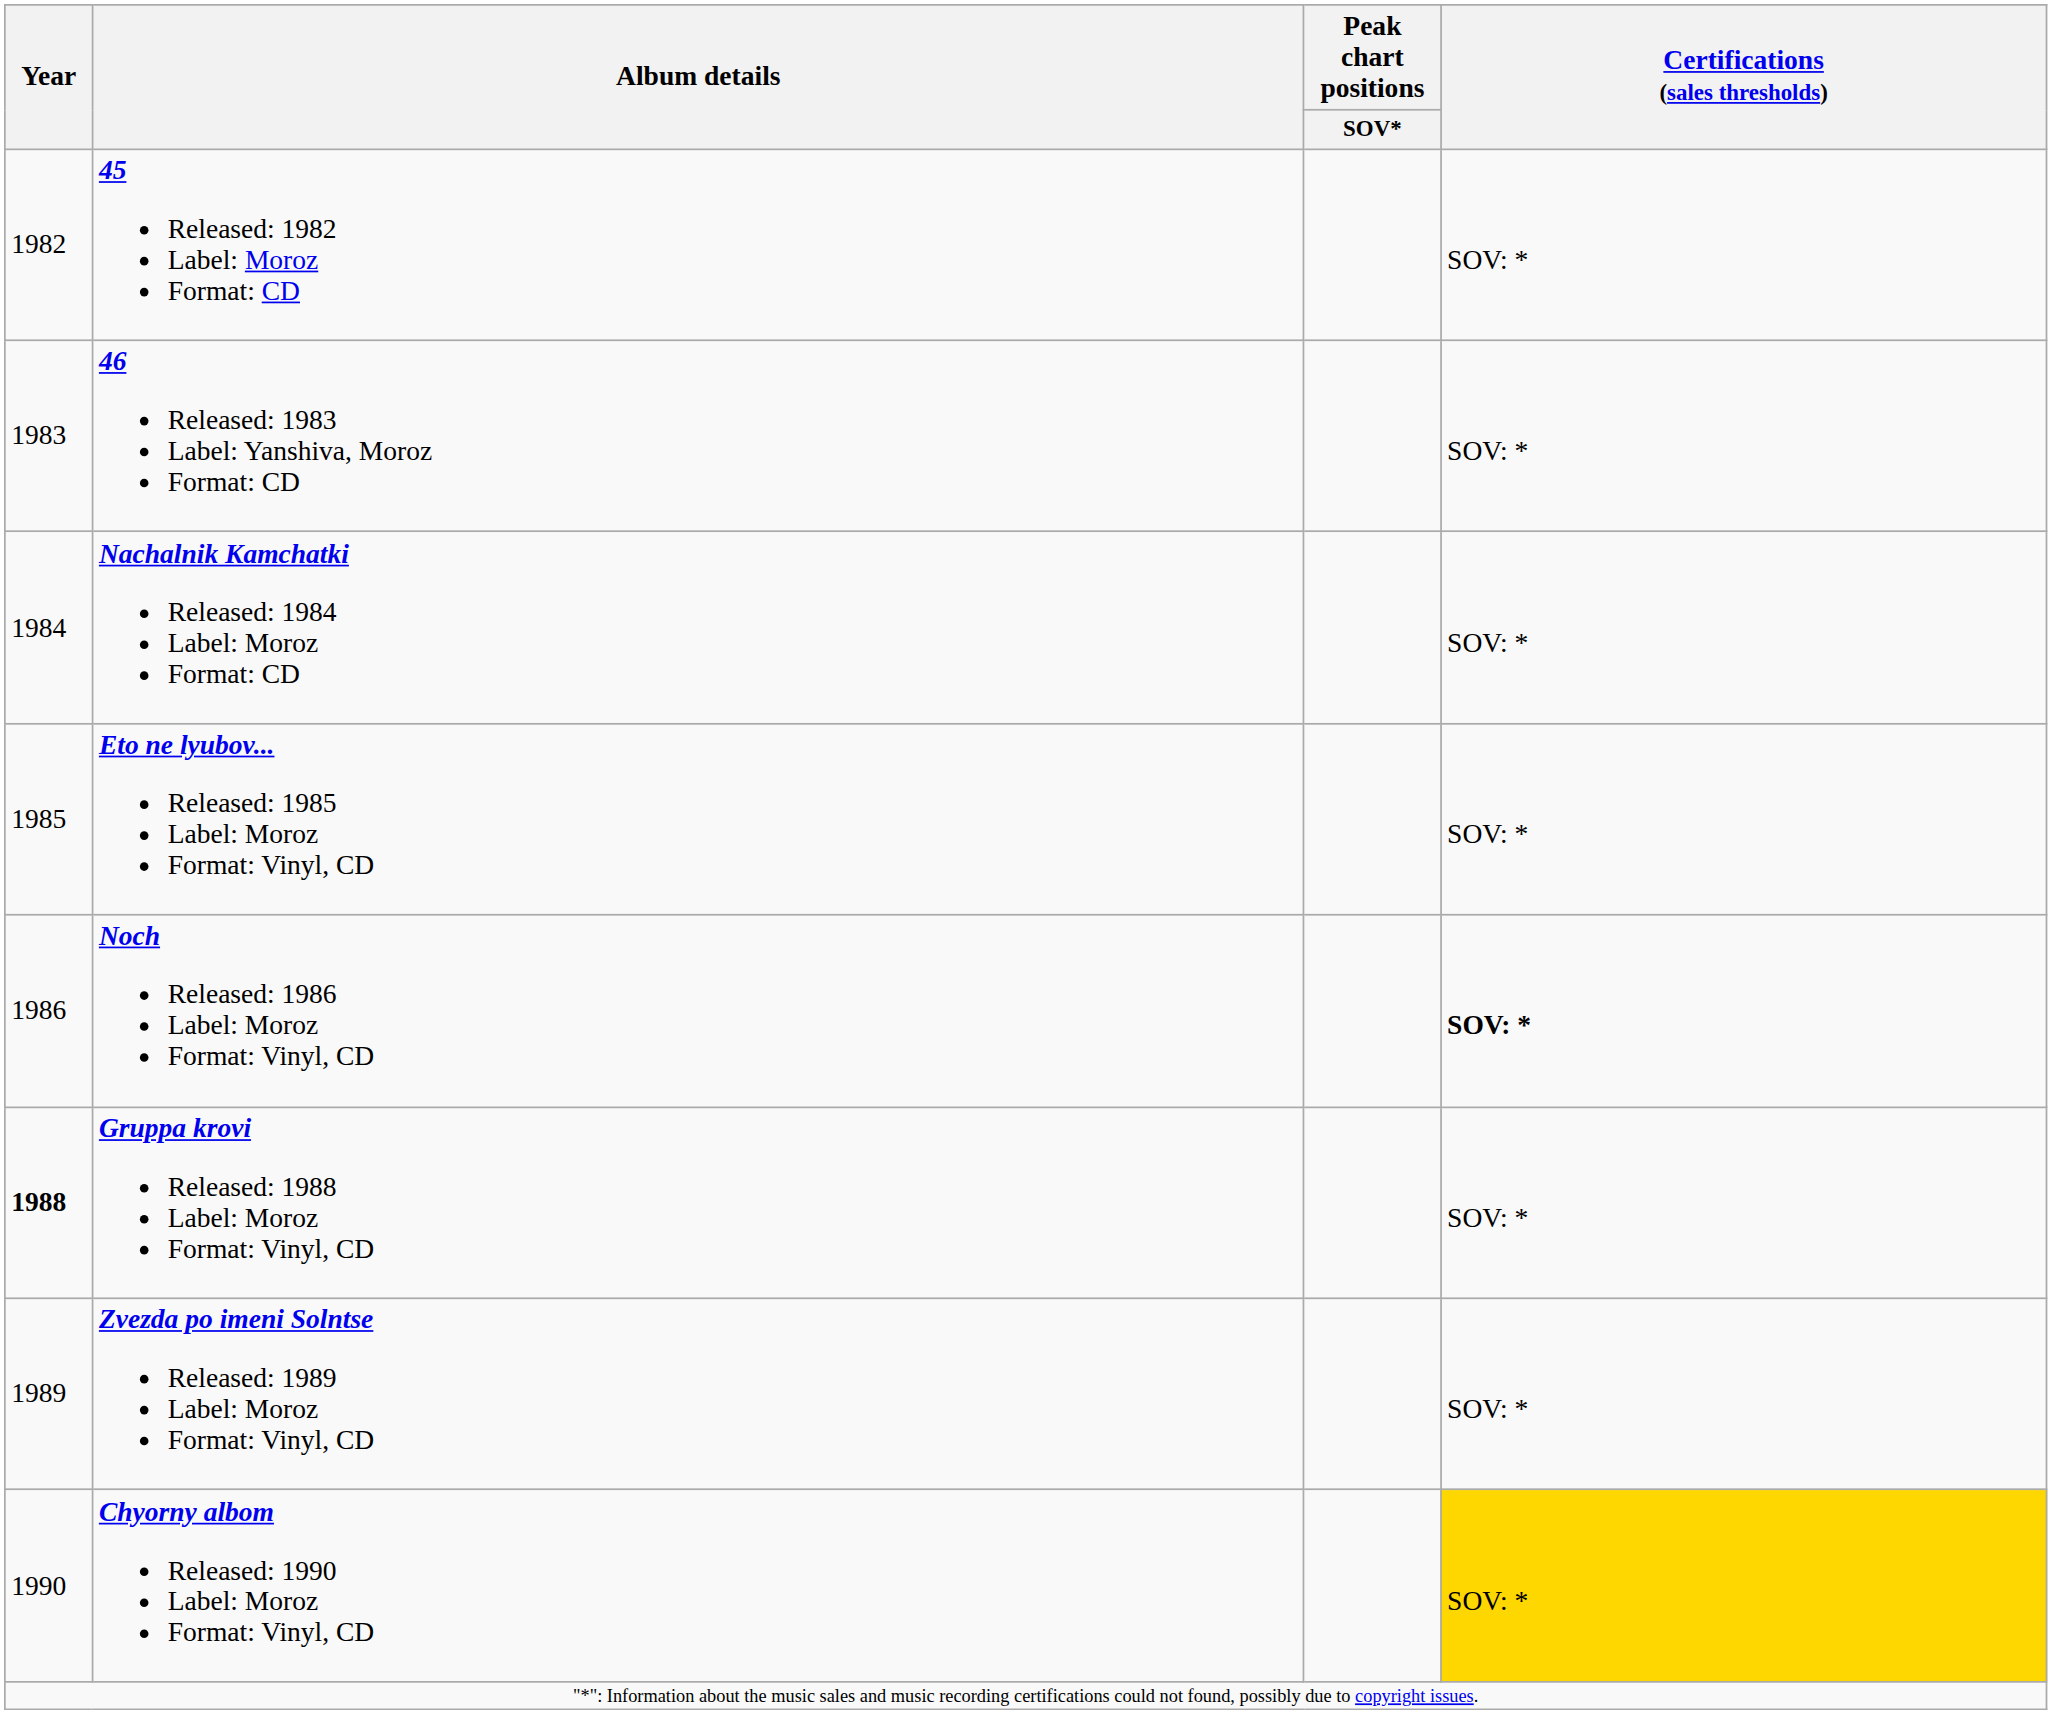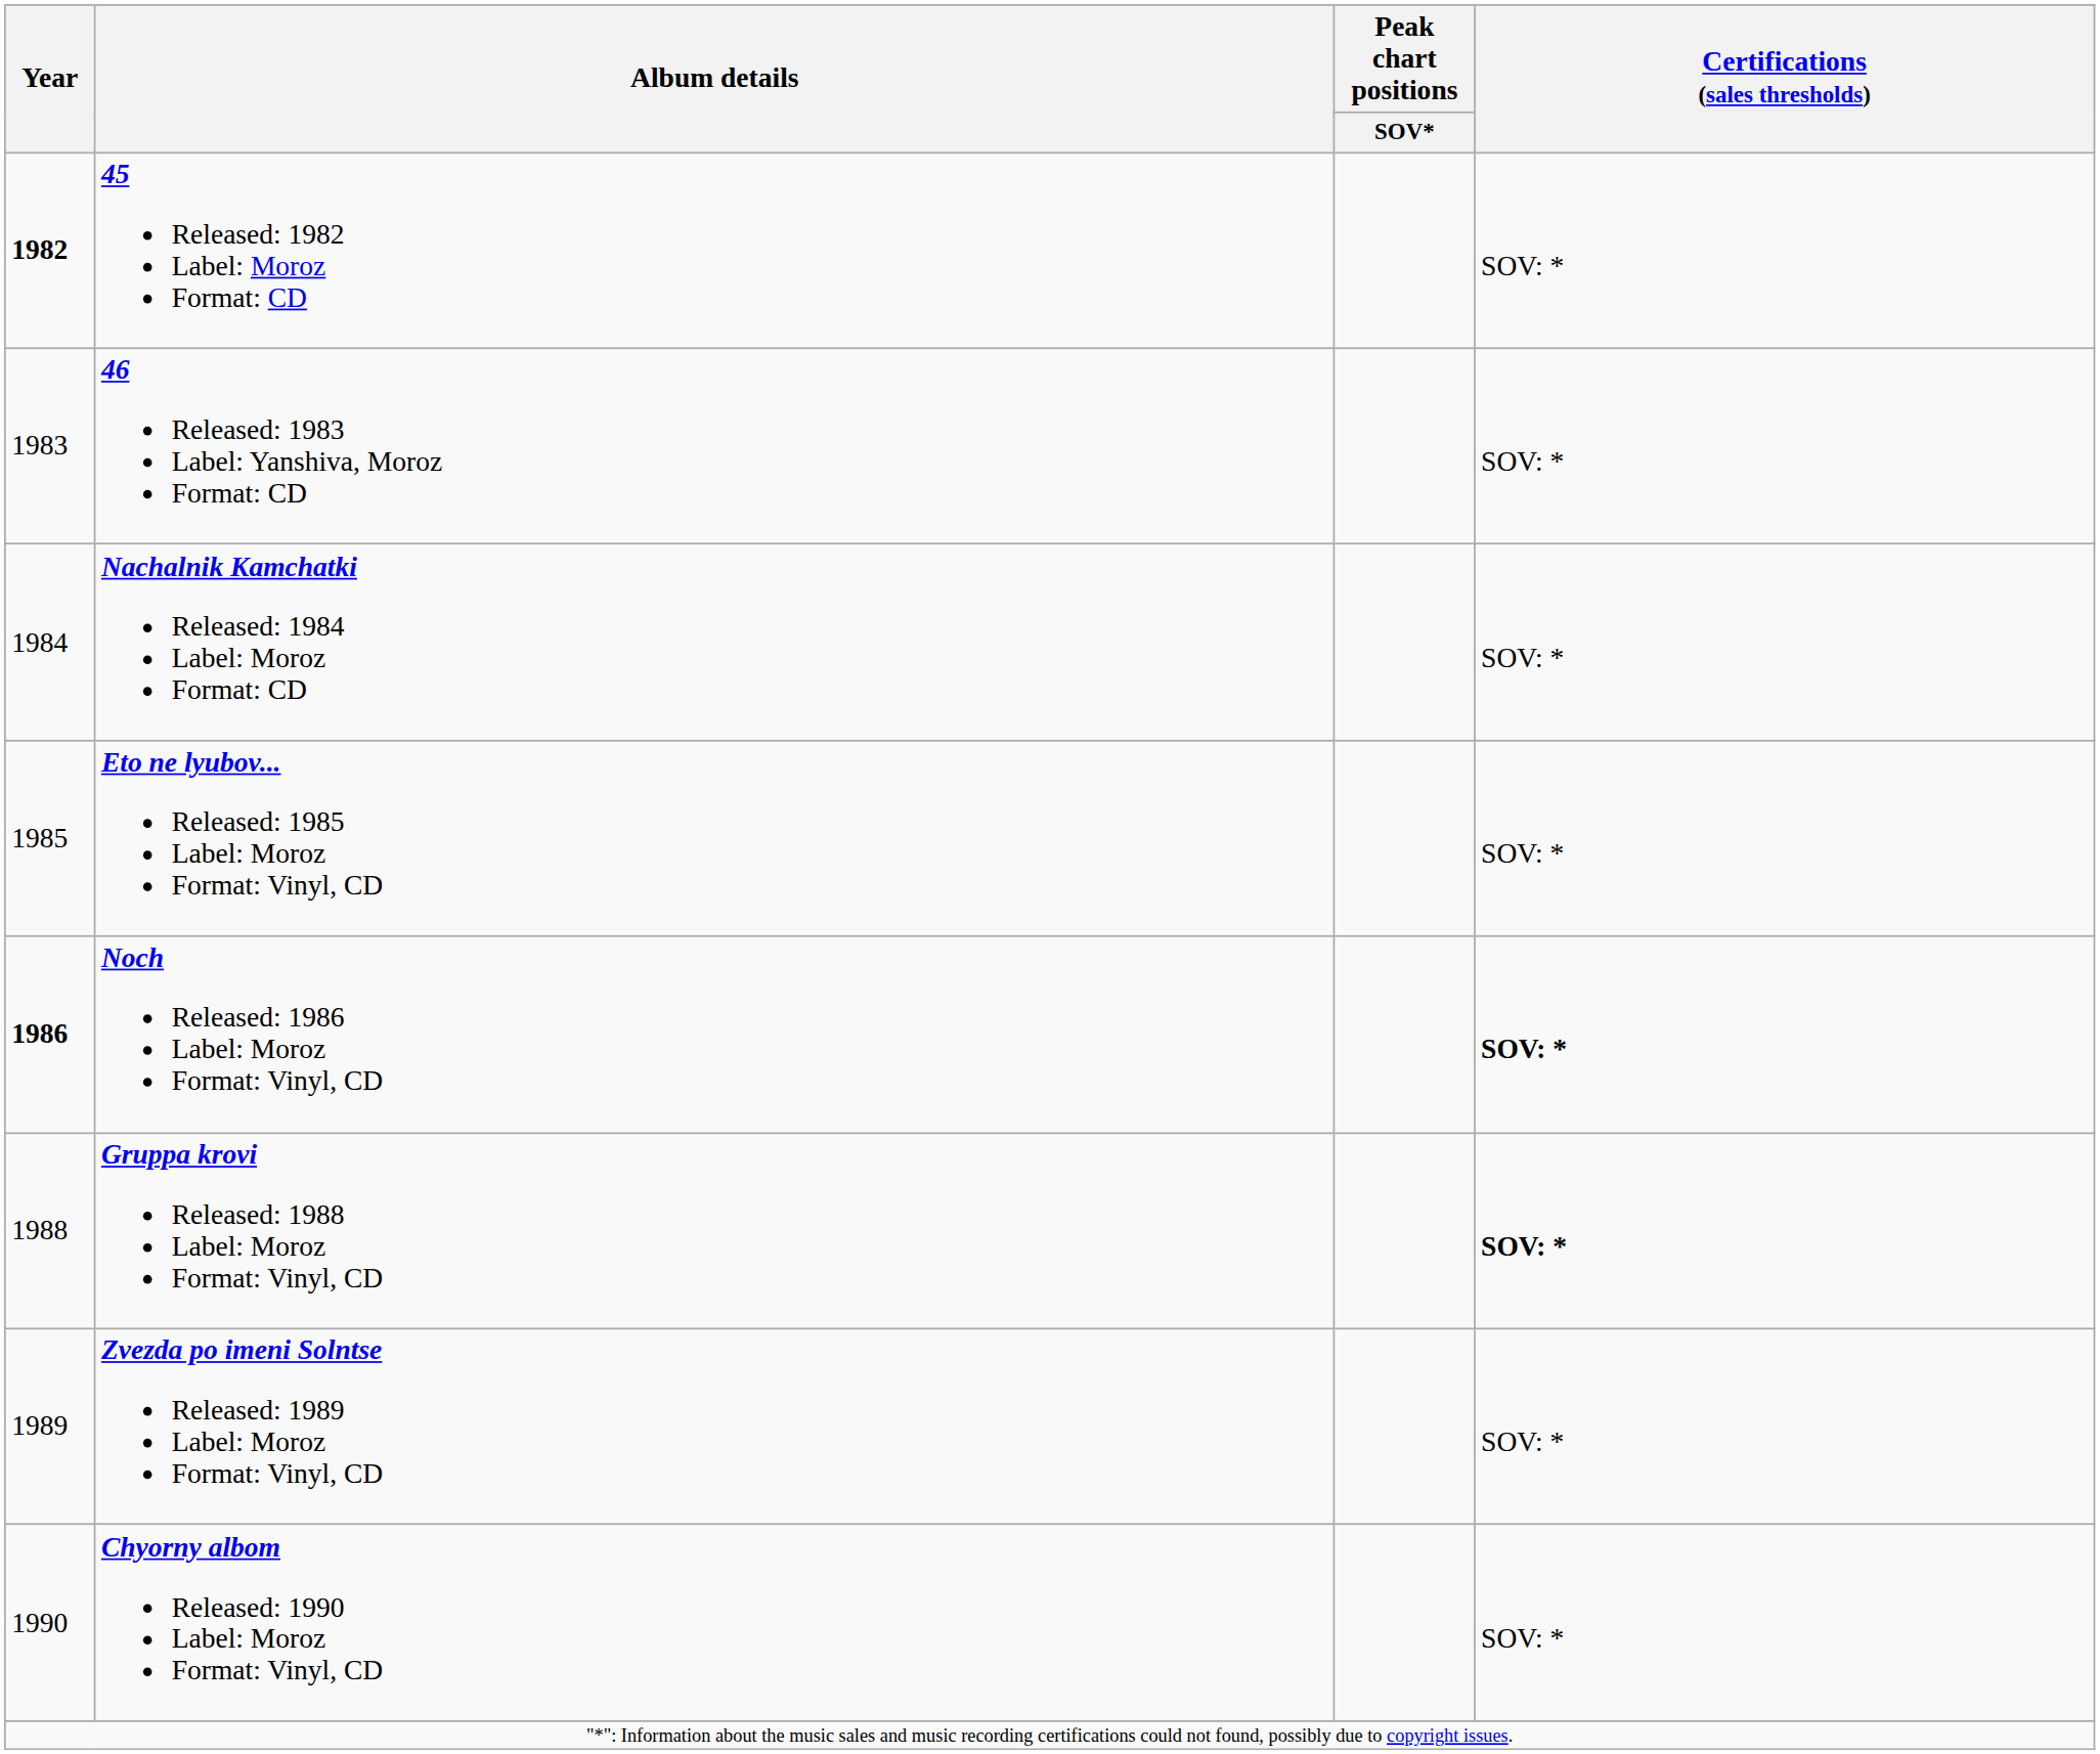 <table class="wikitable" style="text-align:center;" width="75%">
 <tr>
 <th rowspan="2" width="1%">Year</th>
 <th rowspan="2" width="30%">Album details</th>
 <th colspan="1" width="1%">Peak chart positions</th>
 <th rowspan="2" width="15%"><a href='#'>Certifications</a><br><small>(<a href='#'>sales thresholds</a>)</small></th>
 </tr>
 <tr style="font-size:smaller;">
 <th width="30">SOV*</th>
 </tr>
 <tr>
-<td style="text-align:left;">1982</td>
+<td style="text-align:left;"><strong>1982</strong></td>
 <td style="text-align:left;"><strong><em><a href='#'>45</a></em></strong><br><ul><li>Released: 1982</li><li>Label: <a href='#'>Moroz</a></li><li>Format: <a href='#'>CD</a></li></ul></td>
 <td></td>
 <td style="text-align:left;"><br>SOV: *</td>
 </tr>
 <tr>
 <td style="text-align:left;">1983</td>
 <td style="text-align:left;"><strong><em><a href='#'>46</a></em></strong><br><ul><li>Released: 1983</li><li>Label: Yanshiva, Moroz</li><li>Format: CD</li></ul></td>
 <td></td>
 <td style="text-align:left;"><br>SOV: *</td>
 </tr>
 <tr>
 <td style="text-align:left;">1984</td>
 <td style="text-align:left;"><strong><em><a href='#'>Nachalnik Kamchatki</a></em></strong><br><ul><li>Released: 1984</li><li>Label: Moroz</li><li>Format: CD</li></ul></td>
 <td></td>
 <td style="text-align:left;"><br>SOV: *</td>
 </tr>
 <tr>
 <td style="text-align:left;">1985</td>
 <td style="text-align:left;"><strong><em><a href='#'>Eto ne lyubov...</a></em></strong><br><ul><li>Released: 1985</li><li>Label: Moroz</li><li>Format: Vinyl, CD</li></ul></td>
 <td></td>
 <td style="text-align:left;"><br>SOV: *</td>
 </tr>
 <tr>
-<td style="text-align:left;">1986</td>
+<td style="text-align:left;"><strong>1986</strong></td>
 <td style="text-align:left;"><strong><em><a href='#'>Noch</a></em></strong><br><ul><li>Released: 1986</li><li>Label: Moroz</li><li>Format: Vinyl, CD</li></ul></td>
 <td></td>
 <td style="text-align:left;"><strong><br>SOV: *</strong></td>
 </tr>
 <tr>
-<td style="text-align:left;"><strong>1988</strong></td>
+<td style="text-align:left;">1988</td>
 <td style="text-align:left;"><strong><em><a href='#'>Gruppa krovi</a></em></strong><br><ul><li>Released: 1988</li><li>Label: Moroz</li><li>Format: Vinyl, CD</li></ul></td>
 <td></td>
-<td style="text-align:left;"><br>SOV: *</td>
+<td style="text-align:left;"><strong><br>SOV: *</strong></td>
 </tr>
 <tr>
 <td style="text-align:left;">1989</td>
 <td style="text-align:left;"><strong><em><a href='#'>Zvezda po imeni Solntse</a></em></strong><br><ul><li>Released: 1989</li><li>Label: Moroz</li><li>Format: Vinyl, CD</li></ul></td>
 <td></td>
 <td style="text-align:left;"><br>SOV: *</td>
 </tr>
 <tr>
 <td style="text-align:left;">1990</td>
 <td style="text-align:left;"><strong><em><a href='#'>Chyorny albom</a></em></strong><br><ul><li>Released: 1990</li><li>Label: Moroz</li><li>Format: Vinyl, CD</li></ul></td>
 <td></td>
-<td style="background: gold; text-align:left;"><br>SOV: *</td>
+<td style="text-align:left;"><br>SOV: *</td>
 </tr>
 <tr>
 <td align="center" colspan="17" style="font-size: 8pt">"*": Information about the music sales and music recording certifications could not found, possibly due to <a href='#'>copyright issues</a>.</td>
 </tr>
 </table>
